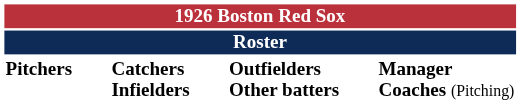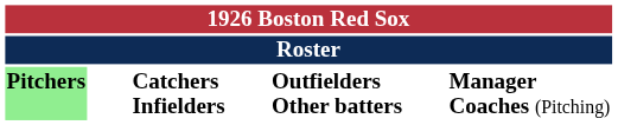 <table class="toccolours" style="text-align: left;">
 <tr>
 <th colspan="10" style="background-color: #ba313c; color: white; text-align: center;">1926 Boston Red Sox</th>
 </tr>
 <tr>
 <td colspan="10" style="background-color: #0d2b56; color: white; text-align: center;"><strong>Roster</strong></td>
 </tr>
 <tr>
-<td valign="top"><strong>Pitchers</strong><br>               </td>
+<td valign="top" style="background: lightgreen;"><strong>Pitchers</strong><br>               </td>
 <td width="25px"></td>
 <td valign="top"><strong>Catchers</strong><br>    <strong>Infielders</strong>          </td>
 <td width="25px"></td>
 <td valign="top"><strong>Outfielders</strong><br>         <strong>Other batters</strong> </td>
 <td width="25px"></td>
 <td valign="top"><strong>Manager</strong><br> <strong>Coaches</strong>   <small>(Pitching)</small></td>
 </tr>
 <tr>
 </tr>
 </table>
